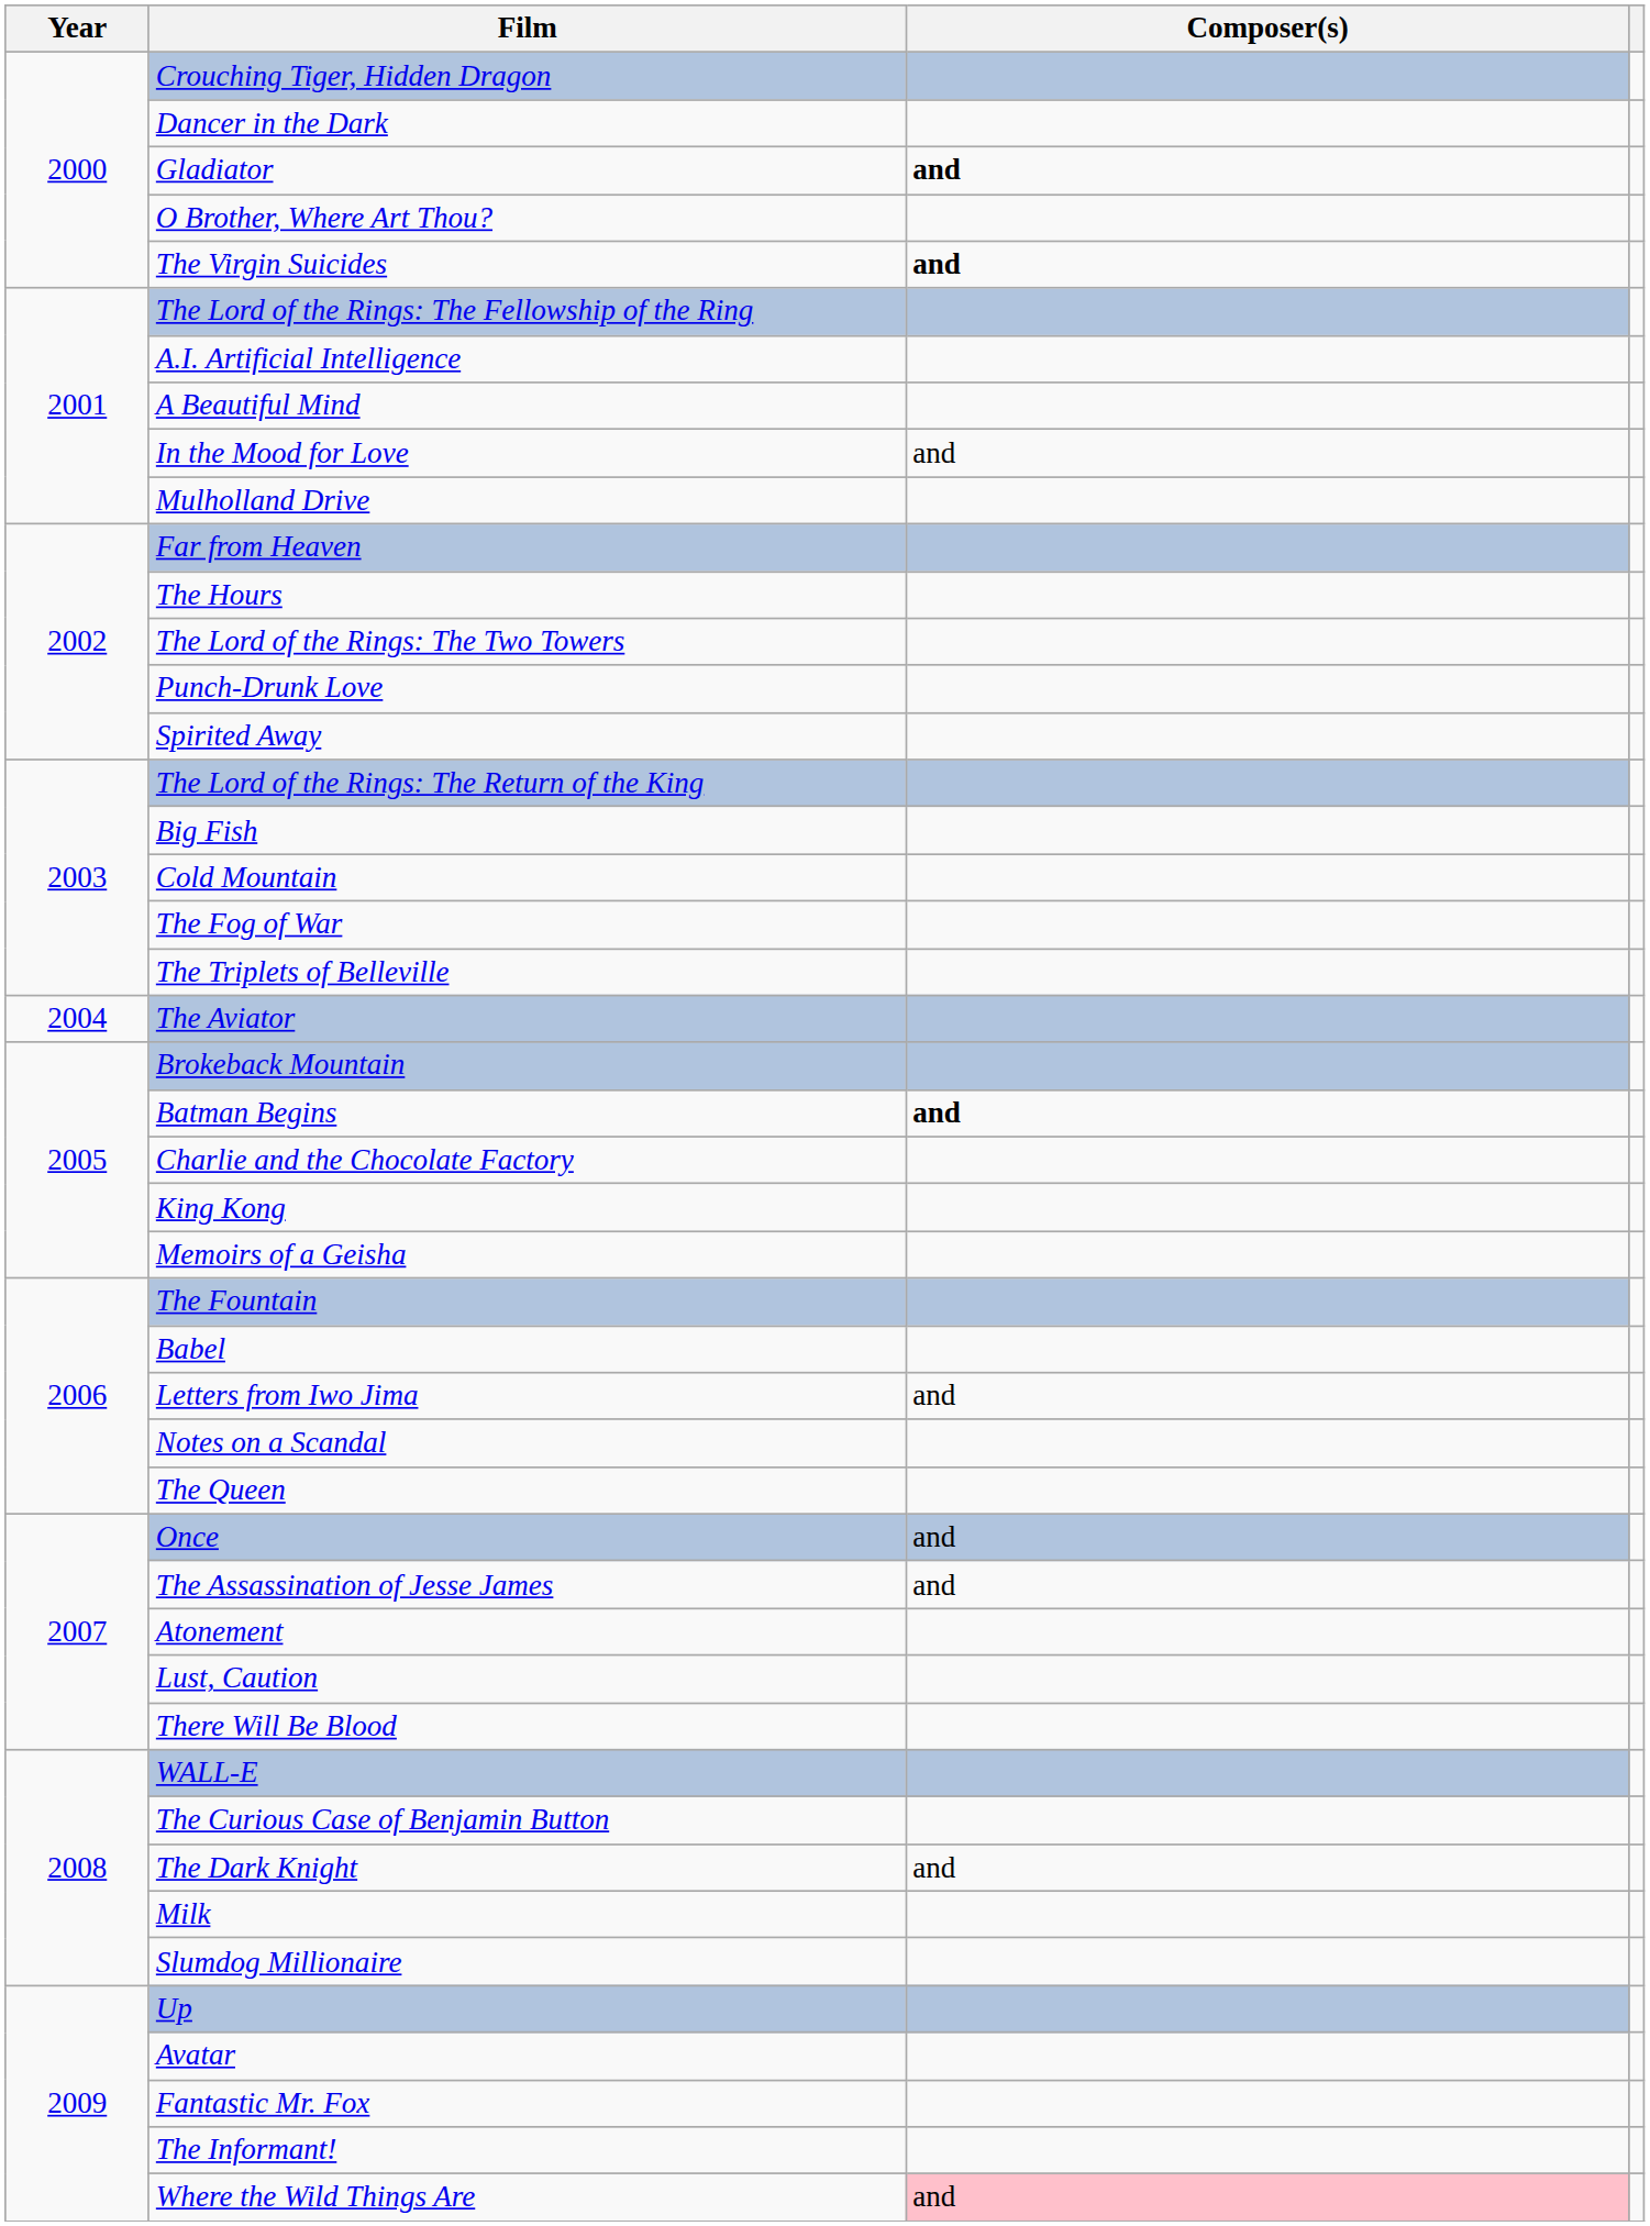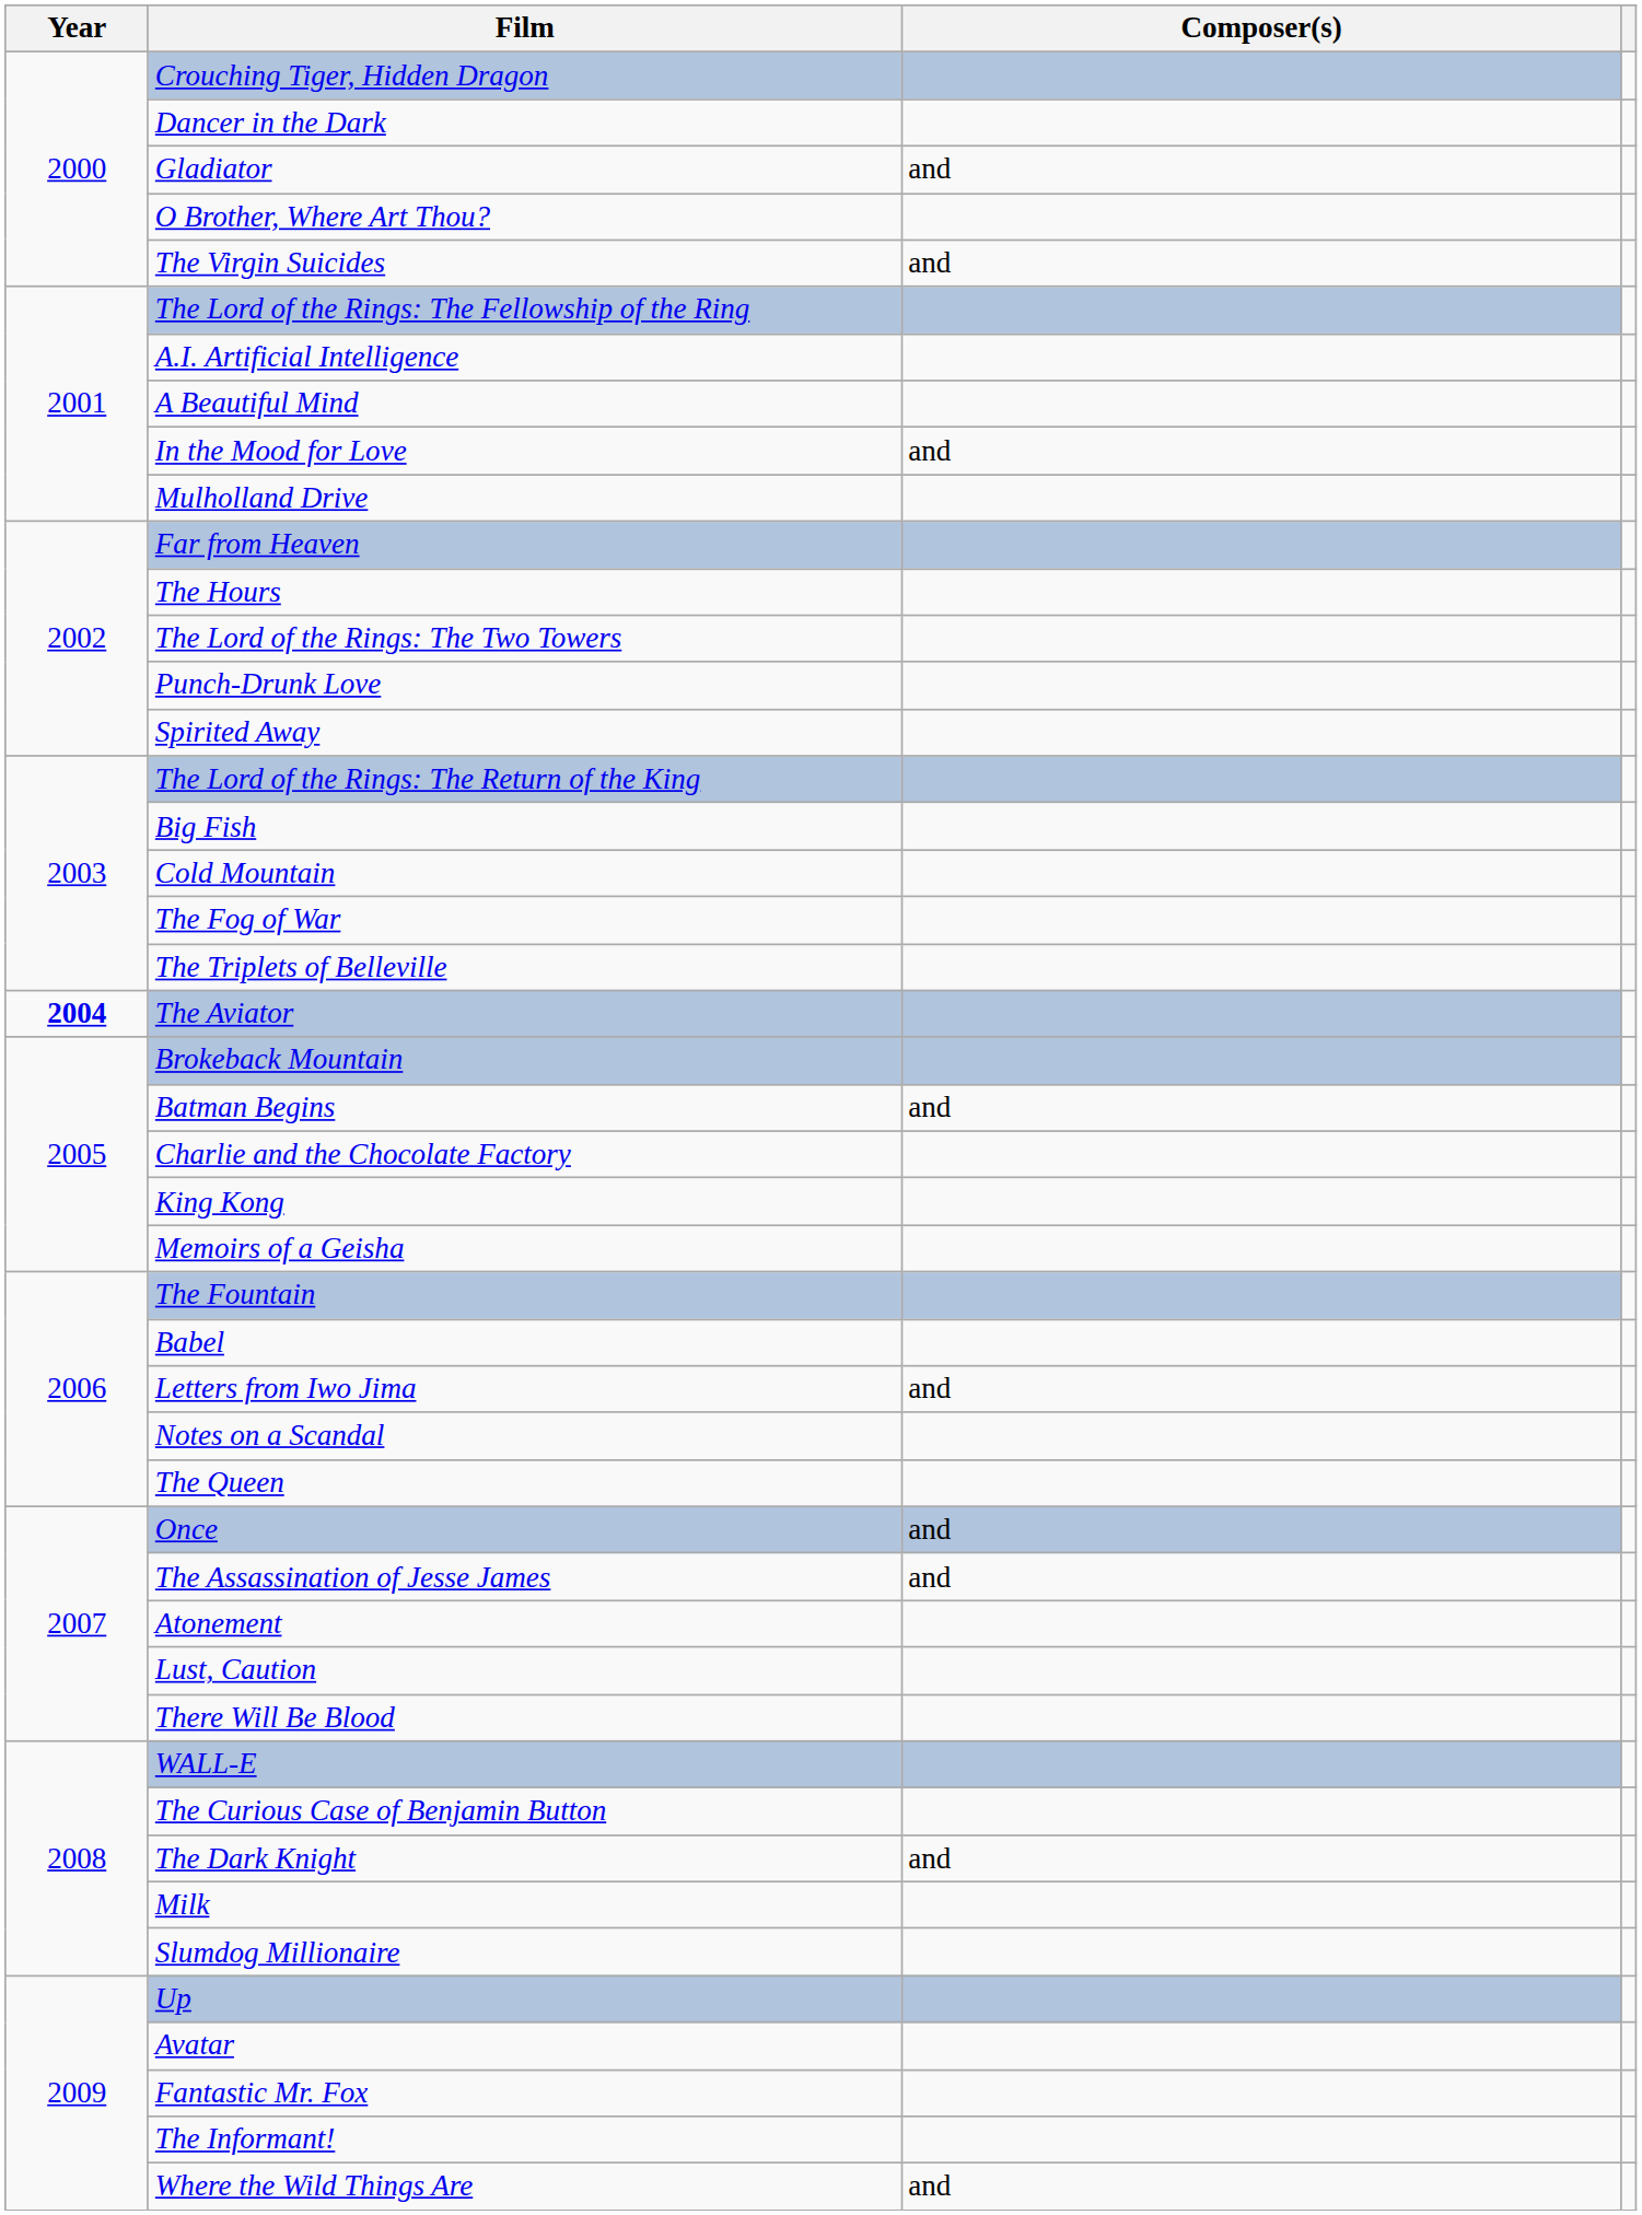 <table class="wikitable sortable">
 <tr>
 <th scope="col" width="70">Year</th>
 <th scope="col" width="400">Film</th>
 <th scope="col" width="382">Composer(s)</th>
 <th scope="col" class="unsortable"></th>
 </tr>
 <tr>
 <td rowspan="5" style="text-align:center;"><a href='#'>2000</a></td>
 <td style="background:#B0C4DE;"><em><a href='#'>Crouching Tiger, Hidden Dragon</a></em></td>
 <td style="background:#B0C4DE;"></td>
 <td align="center"></td>
 </tr>
 <tr>
 <td><em><a href='#'>Dancer in the Dark</a></em></td>
 <td></td>
 <td align="center"></td>
 </tr>
 <tr>
 <td><em><a href='#'>Gladiator</a></em></td>
-<td><strong> and </strong></td>
+<td> and </td>
 <td align="center"></td>
 </tr>
 <tr>
 <td><em><a href='#'>O Brother, Where Art Thou?</a></em></td>
 <td></td>
 <td align="center"></td>
 </tr>
 <tr>
 <td><em><a href='#'>The Virgin Suicides</a></em></td>
-<td><strong> and </strong></td>
+<td> and </td>
 <td align="center"></td>
 </tr>
 <tr>
 <td rowspan="5" style="text-align:center;"><a href='#'>2001</a></td>
 <td style="background:#B0C4DE;"><em><a href='#'>The Lord of the Rings: The Fellowship of the Ring</a></em></td>
 <td style="background:#B0C4DE;"></td>
 <td align="center"></td>
 </tr>
 <tr>
 <td><em><a href='#'>A.I. Artificial Intelligence</a></em></td>
 <td></td>
 <td align="center"></td>
 </tr>
 <tr>
 <td><em><a href='#'>A Beautiful Mind</a></em></td>
 <td></td>
 <td align="center"></td>
 </tr>
 <tr>
 <td><em><a href='#'>In the Mood for Love</a></em></td>
 <td> and </td>
 <td align="center"></td>
 </tr>
 <tr>
 <td><em><a href='#'>Mulholland Drive</a></em></td>
 <td></td>
 <td align="center"></td>
 </tr>
 <tr>
 <td rowspan="5" style="text-align:center;"><a href='#'>2002</a></td>
 <td style="background:#B0C4DE;"><em><a href='#'>Far from Heaven</a></em></td>
 <td style="background:#B0C4DE;"></td>
 <td align="center"></td>
 </tr>
 <tr>
 <td><em><a href='#'>The Hours</a></em></td>
 <td></td>
 <td align="center"></td>
 </tr>
 <tr>
 <td><em><a href='#'>The Lord of the Rings: The Two Towers</a></em></td>
 <td></td>
 <td align="center"></td>
 </tr>
 <tr>
 <td><em><a href='#'>Punch-Drunk Love</a></em></td>
 <td></td>
 <td align="center"></td>
 </tr>
 <tr>
 <td><em><a href='#'>Spirited Away</a></em></td>
 <td></td>
 <td align="center"></td>
 </tr>
 <tr>
 <td rowspan="5" style="text-align:center;"><a href='#'>2003</a></td>
 <td style="background:#B0C4DE;"><em><a href='#'>The Lord of the Rings: The Return of the King</a></em></td>
 <td style="background:#B0C4DE;"></td>
 <td align="center"></td>
 </tr>
 <tr>
 <td><em><a href='#'>Big Fish</a></em></td>
 <td></td>
 <td align="center"></td>
 </tr>
 <tr>
 <td><em><a href='#'>Cold Mountain</a></em></td>
 <td></td>
 <td align="center"></td>
 </tr>
 <tr>
 <td><em><a href='#'>The Fog of War</a></em></td>
 <td></td>
 <td align="center"></td>
 </tr>
 <tr>
 <td><em><a href='#'>The Triplets of Belleville</a></em></td>
 <td></td>
 <td align="center"></td>
 </tr>
 <tr>
-<td style="text-align:center;"><a href='#'>2004</a></td>
+<td style="text-align:center;"><strong><a href='#'>2004</a></strong></td>
 <td style="background:#B0C4DE;"><em><a href='#'>The Aviator</a></em></td>
 <td style="background:#B0C4DE;"></td>
 <td align="center"></td>
 </tr>
 <tr>
 <td rowspan="5" style="text-align:center;"><a href='#'>2005</a></td>
 <td style="background:#B0C4DE;"><em><a href='#'>Brokeback Mountain</a></em></td>
 <td style="background:#B0C4DE;"></td>
 <td align="center"></td>
 </tr>
 <tr>
 <td><em><a href='#'>Batman Begins</a></em></td>
-<td><strong> and </strong></td>
+<td> and </td>
 <td align="center"></td>
 </tr>
 <tr>
 <td><em><a href='#'>Charlie and the Chocolate Factory</a></em></td>
 <td></td>
 <td align="center"></td>
 </tr>
 <tr>
 <td><em><a href='#'>King Kong</a></em></td>
 <td></td>
 <td align="center"></td>
 </tr>
 <tr>
 <td><em><a href='#'>Memoirs of a Geisha</a></em></td>
 <td></td>
 <td align="center"></td>
 </tr>
 <tr>
 <td rowspan="5" style="text-align:center;"><a href='#'>2006</a></td>
 <td style="background:#B0C4DE;"><em><a href='#'>The Fountain</a></em></td>
 <td style="background:#B0C4DE;"></td>
 <td align="center"></td>
 </tr>
 <tr>
 <td><em><a href='#'>Babel</a></em></td>
 <td></td>
 <td align="center"></td>
 </tr>
 <tr>
 <td><em><a href='#'>Letters from Iwo Jima</a></em></td>
 <td> and </td>
 <td align="center"></td>
 </tr>
 <tr>
 <td><em><a href='#'>Notes on a Scandal</a></em></td>
 <td></td>
 <td align="center"></td>
 </tr>
 <tr>
 <td><em><a href='#'>The Queen</a></em></td>
 <td></td>
 <td align="center"></td>
 </tr>
 <tr>
 <td rowspan="5" style="text-align:center;"><a href='#'>2007</a></td>
 <td style="background:#B0C4DE;"><em><a href='#'>Once</a></em></td>
 <td style="background:#B0C4DE;"> and </td>
 <td align="center"></td>
 </tr>
 <tr>
 <td><em><a href='#'>The Assassination of Jesse James</a></em></td>
 <td> and </td>
 <td align="center"></td>
 </tr>
 <tr>
 <td><em><a href='#'>Atonement</a></em></td>
 <td></td>
 <td align="center"></td>
 </tr>
 <tr>
 <td><em><a href='#'>Lust, Caution</a></em></td>
 <td></td>
 <td align="center"></td>
 </tr>
 <tr>
 <td><em><a href='#'>There Will Be Blood</a></em></td>
 <td></td>
 <td align="center"></td>
 </tr>
 <tr>
 <td rowspan="5" style="text-align:center;"><a href='#'>2008</a></td>
 <td style="background:#B0C4DE;"><em><a href='#'>WALL-E</a></em></td>
 <td style="background:#B0C4DE;"></td>
 <td align="center"></td>
 </tr>
 <tr>
 <td><em><a href='#'>The Curious Case of Benjamin Button</a></em></td>
 <td></td>
 <td align="center"></td>
 </tr>
 <tr>
 <td><em><a href='#'>The Dark Knight</a></em></td>
 <td> and </td>
 <td align="center"></td>
 </tr>
 <tr>
 <td><em><a href='#'>Milk</a></em></td>
 <td></td>
 <td align="center"></td>
 </tr>
 <tr>
 <td><em><a href='#'>Slumdog Millionaire</a></em></td>
 <td></td>
 <td align="center"></td>
 </tr>
 <tr>
 <td rowspan="5" style="text-align:center;"><a href='#'>2009</a></td>
 <td style="background:#B0C4DE;"><em><a href='#'>Up</a></em></td>
 <td style="background:#B0C4DE;"></td>
 <td align="center"></td>
 </tr>
 <tr>
 <td><em><a href='#'>Avatar</a></em></td>
 <td></td>
 <td align="center"></td>
 </tr>
 <tr>
 <td><em><a href='#'>Fantastic Mr. Fox</a></em></td>
 <td></td>
 <td align="center"></td>
 </tr>
 <tr>
 <td><em><a href='#'>The Informant!</a></em></td>
 <td></td>
 <td align="center"></td>
 </tr>
 <tr>
 <td><em><a href='#'>Where the Wild Things Are</a></em></td>
-<td style="background: pink;"> and </td>
+<td> and </td>
 <td align="center"></td>
 </tr>
 <tr>
 </tr>
 </table>
